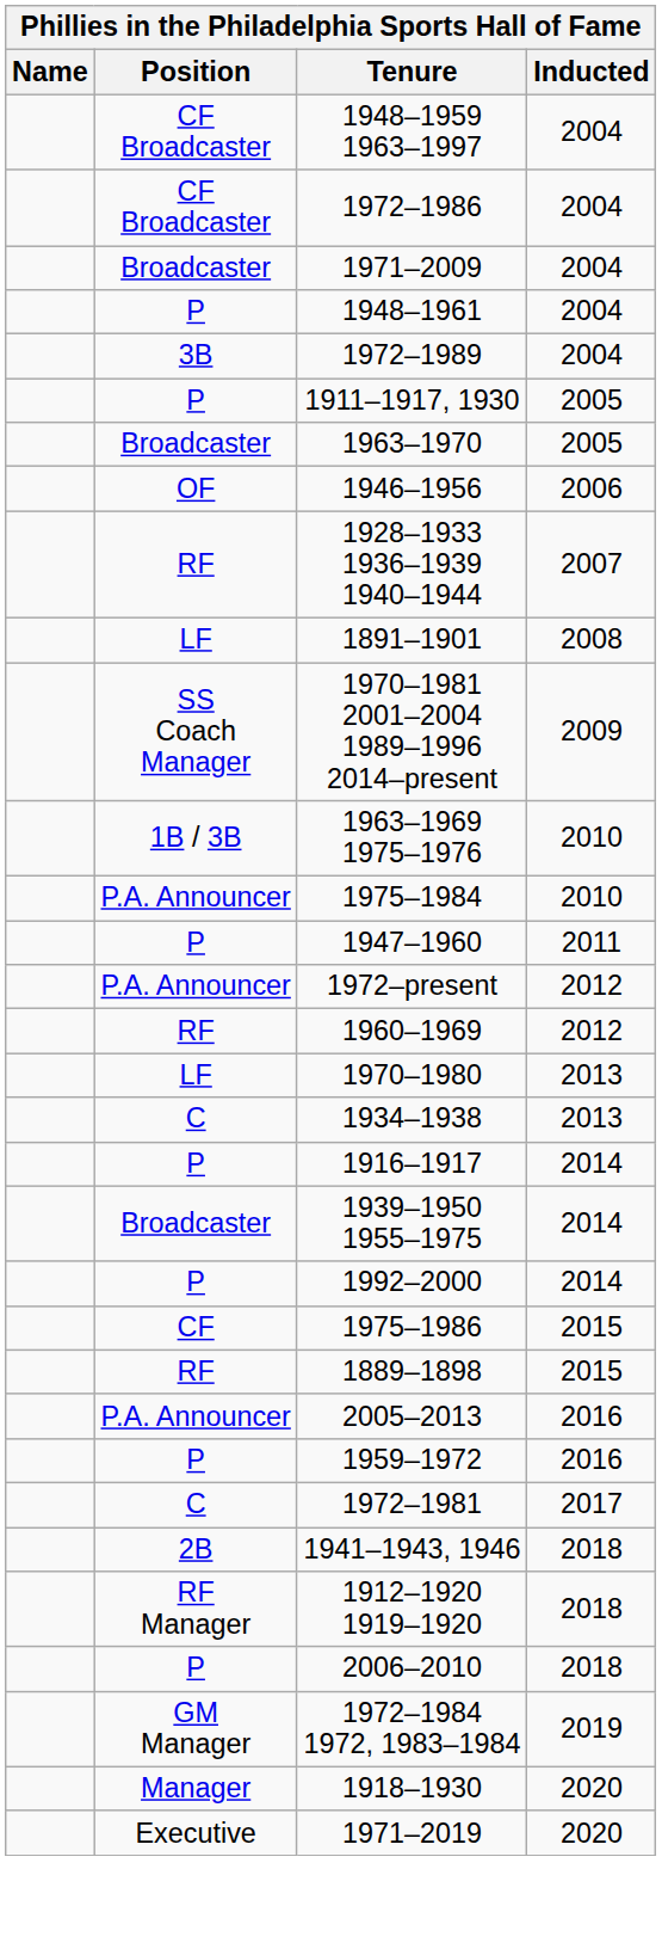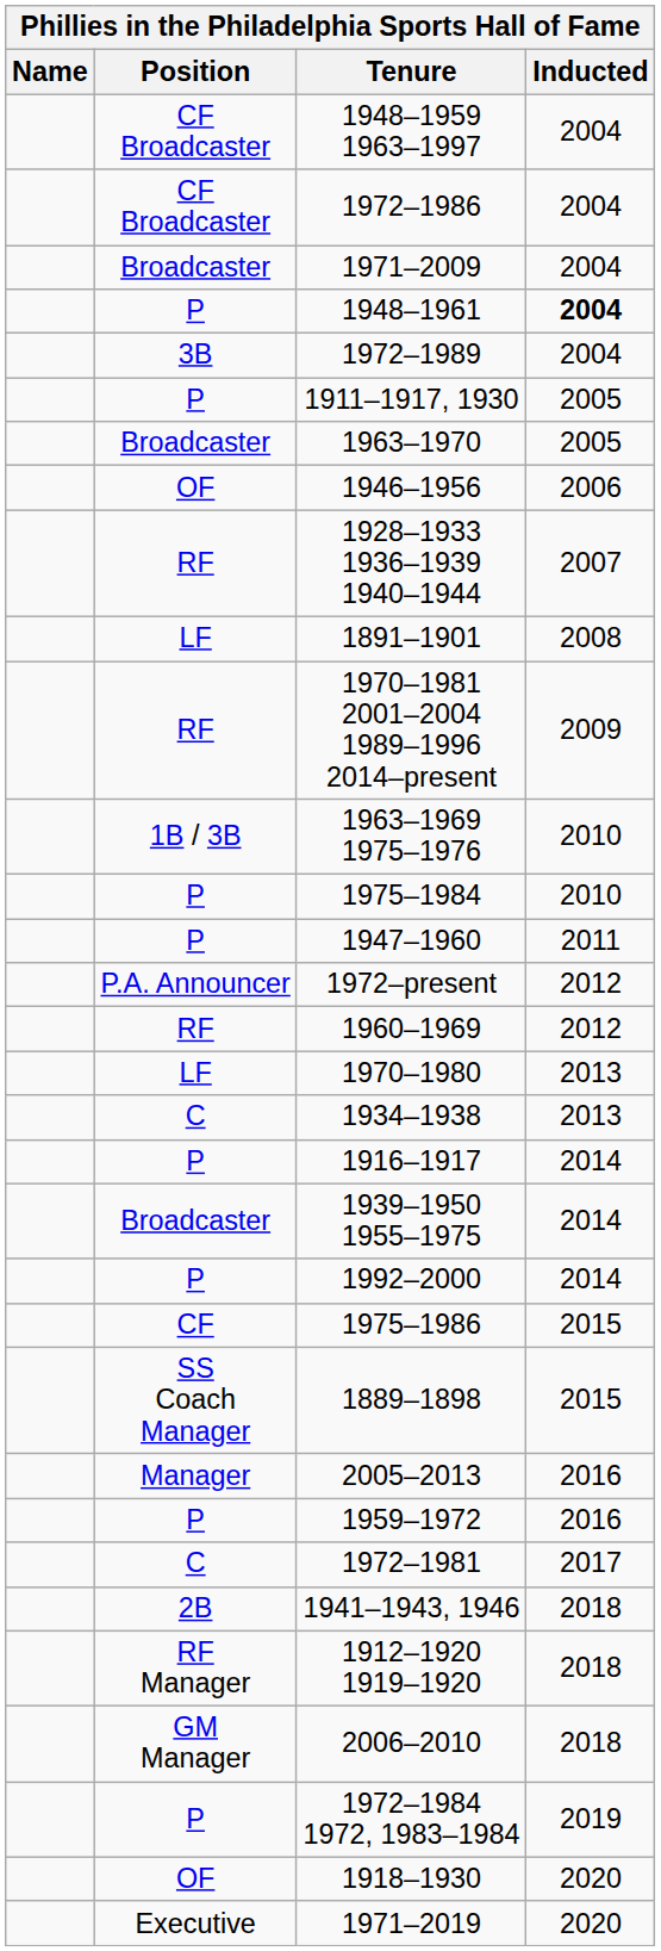 <table class="wikitable" style="text-align:center">
 <tr>
 <th colspan="5"><strong>Phillies in the Philadelphia Sports Hall of Fame</strong></th>
 </tr>
 <tr>
 <th>Name</th>
 <th>Position</th>
 <th>Tenure</th>
 <th>Inducted</th>
 </tr>
 <tr>
 <td></td>
 <td><a href='#'>CF</a><br><a href='#'>Broadcaster</a></td>
 <td>1948–1959<br>1963–1997</td>
 <td>2004</td>
 </tr>
 <tr>
 <td></td>
 <td><a href='#'>CF</a><br><a href='#'>Broadcaster</a></td>
 <td>1972–1986</td>
 <td>2004</td>
 </tr>
 <tr>
 <td></td>
 <td><a href='#'>Broadcaster</a></td>
 <td>1971–2009</td>
 <td>2004</td>
 </tr>
 <tr>
 <td></td>
 <td><a href='#'>P</a></td>
 <td>1948–1961</td>
-<td>2004</td>
+<td><strong>2004</strong></td>
 </tr>
 <tr>
 <td></td>
 <td><a href='#'>3B</a></td>
 <td>1972–1989</td>
 <td>2004</td>
 </tr>
 <tr>
 <td></td>
 <td><a href='#'>P</a></td>
 <td>1911–1917, 1930</td>
 <td>2005</td>
 </tr>
 <tr>
 <td></td>
 <td><a href='#'>Broadcaster</a></td>
 <td>1963–1970</td>
 <td>2005</td>
 </tr>
 <tr>
 <td></td>
 <td><a href='#'>OF</a></td>
 <td>1946–1956</td>
 <td>2006</td>
 </tr>
 <tr>
 <td></td>
 <td><a href='#'>RF</a></td>
 <td>1928–1933<br>1936–1939<br>1940–1944</td>
 <td>2007</td>
 </tr>
 <tr>
 <td></td>
 <td><a href='#'>LF</a></td>
 <td>1891–1901</td>
 <td>2008</td>
 </tr>
 <tr>
 <td></td>
-<td><a href='#'>SS</a><br>Coach<br> <a href='#'>Manager</a></td>
+<td><a href='#'>RF</a></td>
 <td>1970–1981<br>2001–2004<br>1989–1996<br>2014–present</td>
 <td>2009</td>
 </tr>
 <tr>
 <td></td>
 <td><a href='#'>1B</a> / <a href='#'>3B</a></td>
 <td>1963–1969<br>1975–1976</td>
 <td>2010</td>
 </tr>
 <tr>
 <td></td>
-<td><a href='#'>P.A. Announcer</a></td>
+<td><a href='#'>P</a></td>
 <td>1975–1984</td>
 <td>2010</td>
 </tr>
 <tr>
 <td></td>
 <td><a href='#'>P</a></td>
 <td>1947–1960</td>
 <td>2011</td>
 </tr>
 <tr>
 <td></td>
 <td><a href='#'>P.A. Announcer</a></td>
 <td>1972–present</td>
 <td>2012</td>
 </tr>
 <tr>
 <td></td>
 <td><a href='#'>RF</a></td>
 <td>1960–1969</td>
 <td>2012</td>
 </tr>
 <tr>
 <td></td>
 <td><a href='#'>LF</a></td>
 <td>1970–1980</td>
 <td>2013</td>
 </tr>
 <tr>
 <td></td>
 <td><a href='#'>C</a></td>
 <td>1934–1938</td>
 <td>2013</td>
 </tr>
 <tr>
 <td></td>
 <td><a href='#'>P</a></td>
 <td>1916–1917</td>
 <td>2014</td>
 </tr>
 <tr>
 <td></td>
 <td><a href='#'>Broadcaster</a></td>
 <td>1939–1950<br>1955–1975</td>
 <td>2014</td>
 </tr>
 <tr>
 <td></td>
 <td><a href='#'>P</a></td>
 <td>1992–2000</td>
 <td>2014</td>
 </tr>
 <tr>
 <td></td>
 <td><a href='#'>CF</a></td>
 <td>1975–1986</td>
 <td>2015</td>
 </tr>
 <tr>
 <td></td>
-<td><a href='#'>RF</a></td>
+<td><a href='#'>SS</a><br>Coach<br> <a href='#'>Manager</a></td>
 <td>1889–1898</td>
 <td>2015</td>
 </tr>
 <tr>
 <td></td>
-<td><a href='#'>P.A. Announcer</a></td>
+<td><a href='#'>Manager</a></td>
 <td>2005–2013</td>
 <td>2016</td>
 </tr>
 <tr>
 <td></td>
 <td><a href='#'>P</a></td>
 <td>1959–1972</td>
 <td>2016</td>
 </tr>
 <tr>
 <td></td>
 <td><a href='#'>C</a></td>
 <td>1972–1981</td>
 <td>2017</td>
 </tr>
 <tr>
 <td></td>
 <td><a href='#'>2B</a></td>
 <td>1941–1943, 1946</td>
 <td>2018</td>
 </tr>
 <tr>
 <td></td>
 <td><a href='#'>RF</a><br>Manager</td>
 <td>1912–1920<br>1919–1920</td>
 <td>2018</td>
 </tr>
 <tr>
 <td></td>
-<td><a href='#'>P</a></td>
+<td><a href='#'>GM</a><br>Manager</td>
 <td>2006–2010</td>
 <td>2018</td>
 </tr>
 <tr>
 <td></td>
-<td><a href='#'>GM</a><br>Manager</td>
+<td><a href='#'>P</a></td>
 <td>1972–1984<br>1972, 1983–1984</td>
 <td>2019</td>
 </tr>
 <tr>
 <td></td>
-<td><a href='#'>Manager</a></td>
+<td><a href='#'>OF</a></td>
 <td>1918–1930</td>
 <td>2020</td>
 </tr>
 <tr>
 <td></td>
 <td>Executive</td>
 <td>1971–2019</td>
 <td>2020</td>
 </tr>
 </table>
